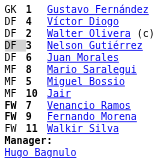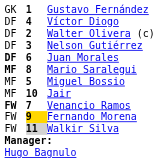 <table style="font-size:90%; margin:0.2em auto;" cellspacing="0" cellpadding="0">
 <tr>
 <th width="25"></th>
 <th width="25"></th>
 </tr>
 <tr>
 <td>GK</td>
 <td><strong>1</strong></td>
 <td> <a href='#'>Gustavo Fernández</a></td>
 </tr>
 <tr>
 <td>DF</td>
 <td><strong>4</strong></td>
 <td> <a href='#'>Víctor Diogo</a></td>
 </tr>
 <tr>
 <td>DF</td>
 <td><strong>2</strong></td>
 <td> <a href='#'>Walter Olivera</a> (c)</td>
 </tr>
 <tr>
-<td style="background: lightgrey;">DF</td>
+<td>DF</td>
 <td><strong>3</strong></td>
 <td> <a href='#'>Nelson Gutiérrez</a></td>
 </tr>
 <tr>
-<td>DF</td>
+<td><strong>DF</strong></td>
 <td><strong>6</strong></td>
 <td> <a href='#'>Juan Morales</a></td>
 </tr>
 <tr>
-<td>MF</td>
+<td><strong>MF</strong></td>
 <td><strong>8</strong></td>
 <td> <a href='#'>Mario Saralegui</a></td>
 </tr>
 <tr>
 <td>MF</td>
 <td><strong>5</strong></td>
 <td> <a href='#'>Miguel Bossio</a></td>
 </tr>
 <tr>
 <td>MF</td>
 <td><strong>10</strong></td>
 <td> <a href='#'>Jair</a></td>
 </tr>
 <tr>
 <td><strong>FW</strong></td>
 <td><strong>7</strong></td>
 <td> <a href='#'>Venancio Ramos</a></td>
 </tr>
 <tr>
-<td><strong>FW</strong></td>
-<td><strong>9</strong></td>
+<td>FW</td>
+<td style="background: gold;"><strong>9</strong></td>
 <td> <a href='#'>Fernando Morena</a></td>
 </tr>
 <tr>
 <td>FW</td>
-<td><strong>11</strong></td>
+<td style="background: lightgrey;"><strong>11</strong></td>
 <td> <a href='#'>Walkir Silva</a></td>
 </tr>
 <tr>
 <td colspan=4><strong>Manager:</strong></td>
 </tr>
 <tr>
 <td colspan="4"> <a href='#'>Hugo Bagnulo</a></td>
 </tr>
 </table>
